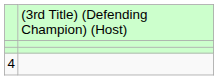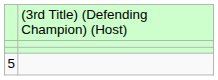 <table class="wikitable" width="250px">
 <tr bgcolor=#ccffcc>
 <td align=center></td>
 <td> (3rd Title) (Defending Champion) (Host)</td>
 </tr>
 <tr bgcolor=#ccffcc>
 <td align=center></td>
 <td></td>
 </tr>
 <tr bgcolor=#ccffcc>
 <td align=center></td>
 <td></td>
 </tr>
 <tr>
-<td align=center>4</td>
+<td align=center>5</td>
 <td></td>
 </tr>
 </table>
